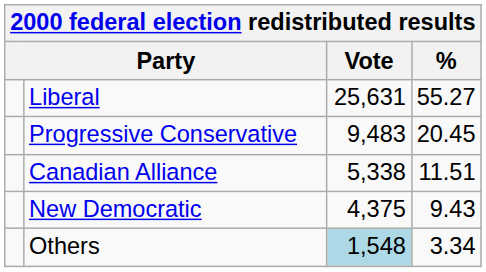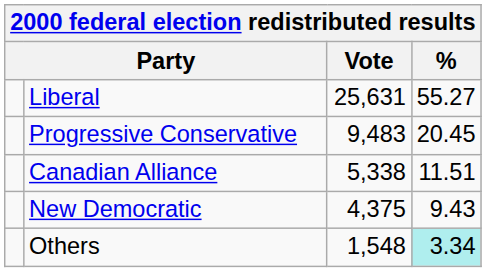 <table class="wikitable">
 <tr>
 <th colspan="4"><a href='#'>2000 federal election</a> redistributed results</th>
 </tr>
 <tr>
 <th bgcolor="#DDDDFF" width="130px" colspan="2">Party</th>
 <th bgcolor="#DDDDFF" width="50px">Vote</th>
 <th bgcolor="#DDDDFF" width="30px">%</th>
 </tr>
 <tr>
 <td> </td>
 <td><a href='#'>Liberal</a></td>
 <td align=right>25,631</td>
 <td align=right>55.27</td>
 </tr>
 <tr>
 <td> </td>
 <td><a href='#'>Progressive Conservative</a></td>
 <td align=right>9,483</td>
 <td align=right>20.45</td>
 </tr>
 <tr>
 <td> </td>
 <td><a href='#'>Canadian Alliance</a></td>
 <td align=right>5,338</td>
 <td align=right>11.51</td>
 </tr>
 <tr>
 <td> </td>
 <td><a href='#'>New Democratic</a></td>
 <td align=right>4,375</td>
 <td align=right>9.43</td>
 </tr>
 <tr>
 <td> </td>
 <td>Others</td>
-<td align=right style="background: lightblue;">1,548</td>
-<td align=right>3.34</td>
+<td align=right>1,548</td>
+<td align=right style="background: paleturquoise;">3.34</td>
 </tr>
 </table>
